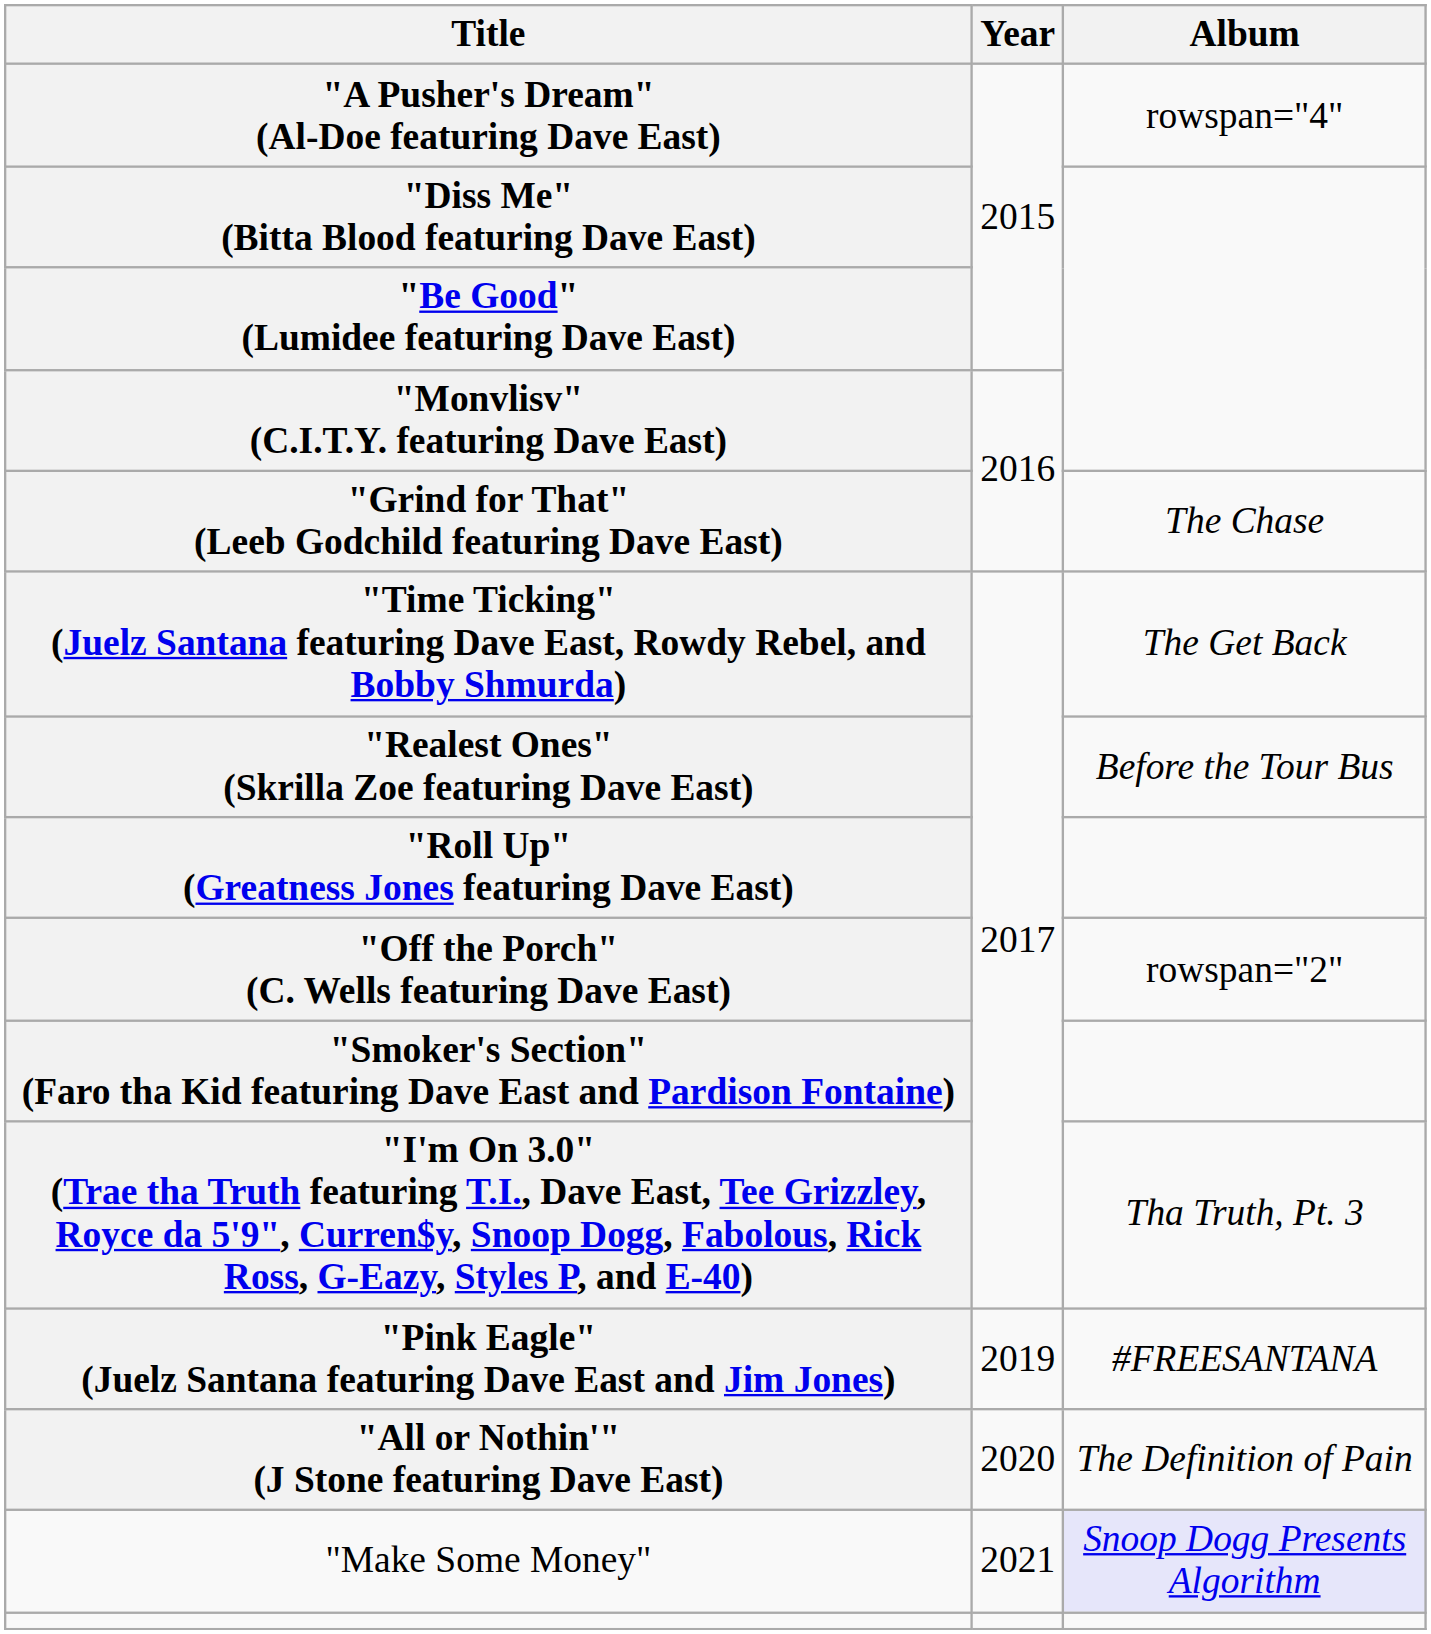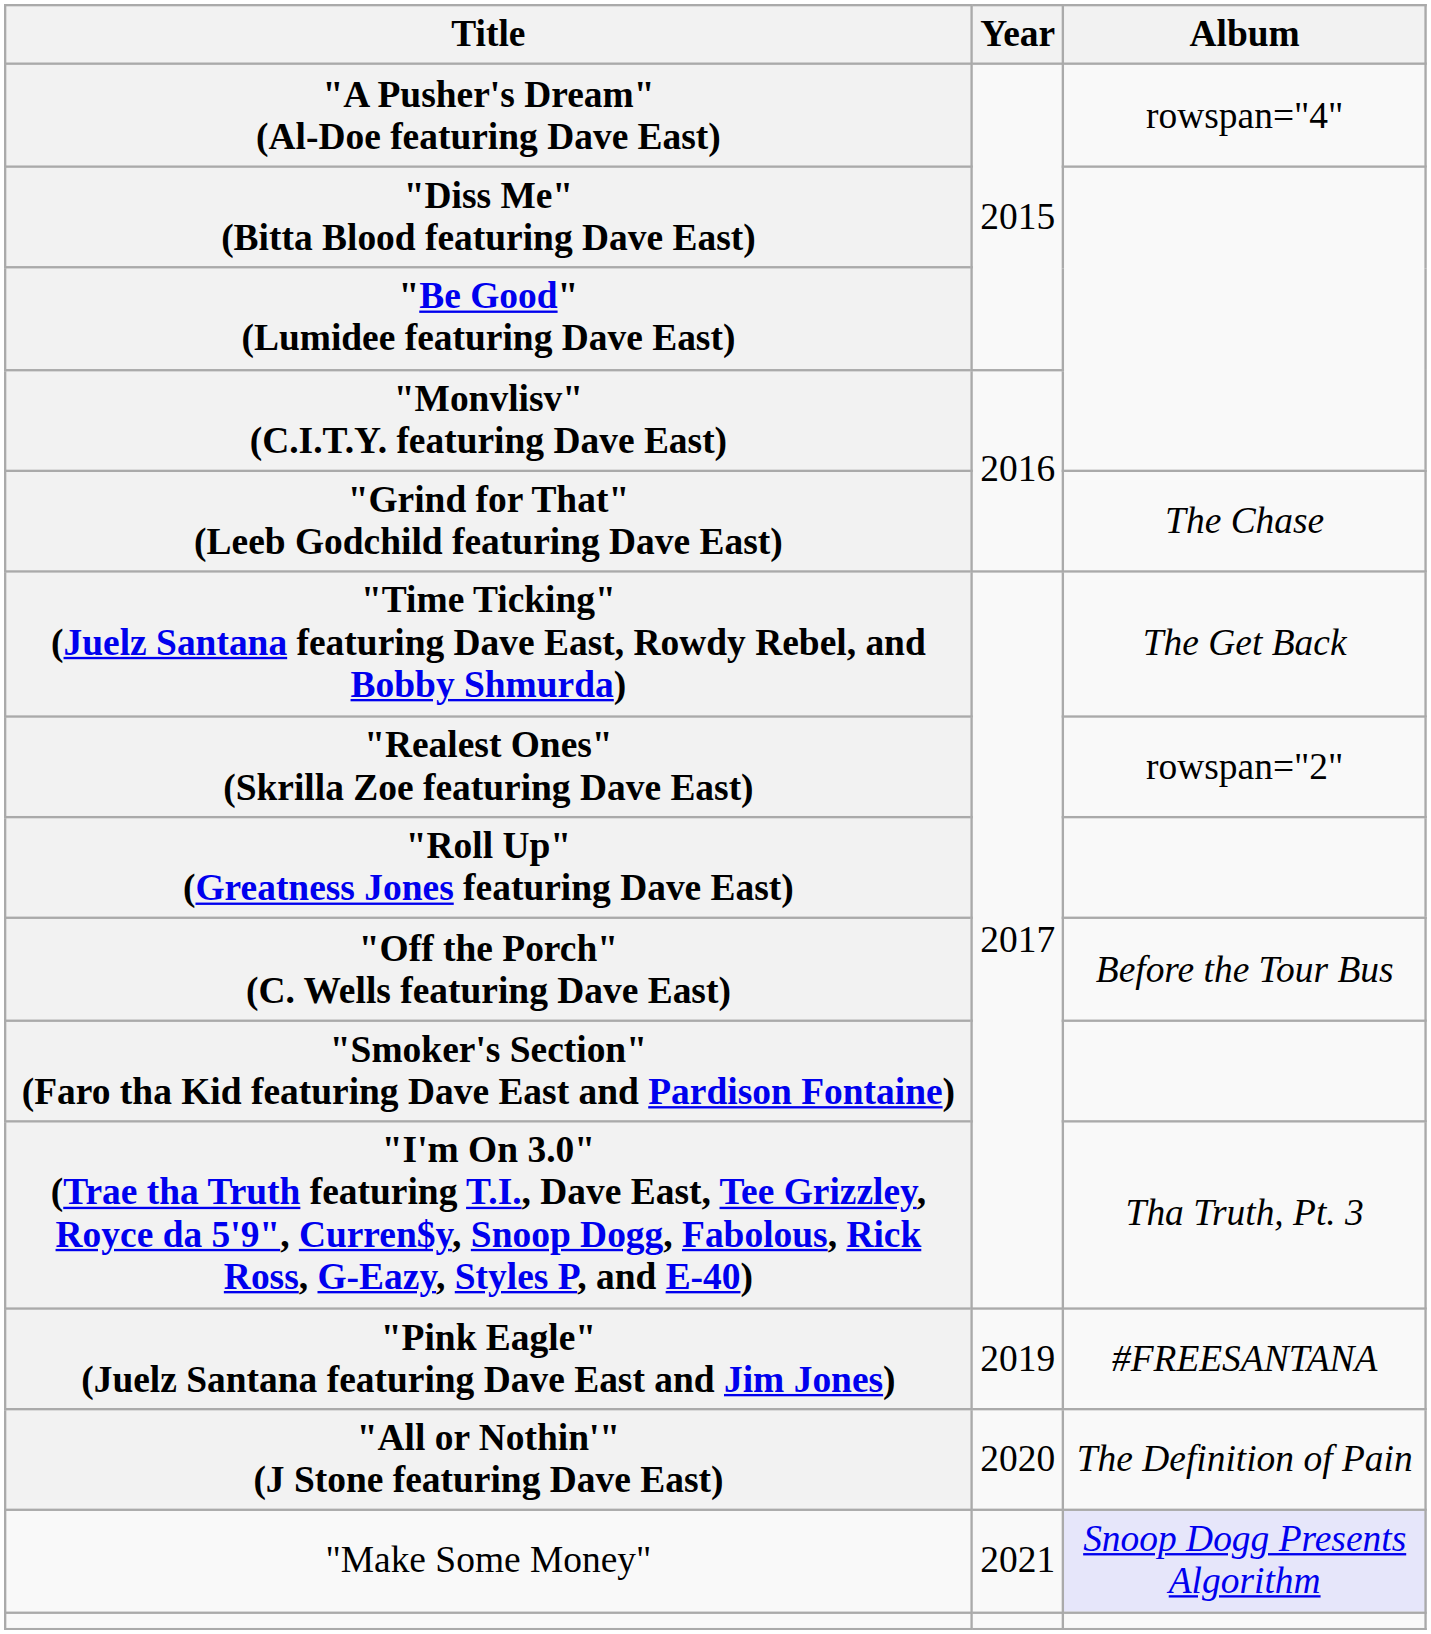 <table class="wikitable plainrowheaders" style="text-align:center;">
 <tr>
 <th scope="col">Title</th>
 <th scope="col">Year</th>
 <th scope="col">Album</th>
 </tr>
 <tr>
 <th scope="row">"A Pusher's Dream"<br><span>(Al-Doe featuring Dave East)</span></th>
 <td rowspan="3">2015</td>
 <td>rowspan="4" </td>
 </tr>
 <tr>
 <th scope="row">"Diss Me"<br><span>(Bitta Blood featuring Dave East)</span></th>
 </tr>
 <tr>
 <th scope="row">"<a href='#'>Be Good</a>"<br><span>(Lumidee featuring Dave East)</span></th>
 </tr>
 <tr>
 <th scope="row">"Monvlisv"<br><span>(C.I.T.Y. featuring Dave East)</span></th>
 <td rowspan="2">2016</td>
 </tr>
 <tr>
 <th scope="row">"Grind for That"<br><span>(Leeb Godchild featuring Dave East)</span></th>
 <td><em>The Chase</em></td>
 </tr>
 <tr>
 <th scope="row">"Time Ticking"<br><span>(<a href='#'>Juelz Santana</a> featuring Dave East, Rowdy Rebel, and <a href='#'>Bobby Shmurda</a>)</span></th>
 <td rowspan="6">2017</td>
 <td><em>The Get Back</em></td>
 </tr>
 <tr>
 <th scope="row">"Realest Ones"<br><span>(Skrilla Zoe featuring Dave East)</span></th>
-<td><em>Before the Tour Bus</em></td>
+<td>rowspan="2" </td>
 </tr>
 <tr>
 <th scope="row">"Roll Up"<br><span>(<a href='#'>Greatness Jones</a> featuring Dave East)</span></th>
 </tr>
 <tr>
 <th scope="row">"Off the Porch"<br><span>(C. Wells featuring Dave East)</span></th>
-<td>rowspan="2" </td>
+<td><em>Before the Tour Bus</em></td>
 </tr>
 <tr>
 <th scope="row">"Smoker's Section"<br><span>(Faro tha Kid featuring Dave East and <a href='#'>Pardison Fontaine</a>)</span></th>
 <td></td>
 </tr>
 <tr>
 <th scope="row">"I'm On 3.0"<br><span>(<a href='#'>Trae tha Truth</a> featuring <a href='#'>T.I.</a>, Dave East, <a href='#'>Tee Grizzley</a>, <a href='#'>Royce da 5'9"</a>, <a href='#'>Curren$y</a>, <a href='#'>Snoop Dogg</a>, <a href='#'>Fabolous</a>, <a href='#'>Rick Ross</a>, <a href='#'>G-Eazy</a>, <a href='#'>Styles P</a>, and <a href='#'>E-40</a>)</span></th>
 <td rowspan="1"><em>Tha Truth, Pt. 3</em></td>
 </tr>
 <tr>
 <th scope="row">"Pink Eagle"<br><span>(Juelz Santana featuring Dave East and <a href='#'>Jim Jones</a>)</span></th>
 <td>2019</td>
 <td><em>#FREESANTANA</em></td>
 </tr>
 <tr>
 <th scope="row">"All or Nothin'"<br><span>(J Stone featuring Dave East)</span></th>
 <td>2020</td>
 <td><em>The Definition of Pain</em></td>
 </tr>
 <tr>
 <td>"Make Some Money"</td>
 <td>2021</td>
 <td style="background: lavender;"><a href='#'><em>Snoop Dogg Presents Algorithm</em></a></td>
 </tr>
 <tr>
 <td></td>
 <td></td>
 </tr>
 </table>
